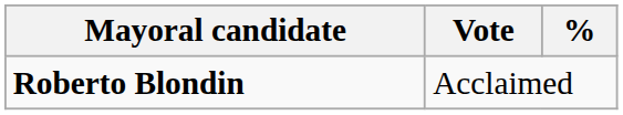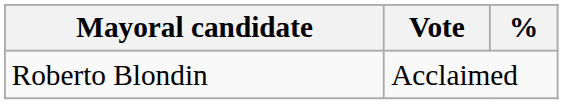 <table class="wikitable">
 <tr>
 <th bgcolor="#DDDDFF" width="200px">Mayoral candidate</th>
 <th bgcolor="#DDDDFF" width="50px">Vote</th>
 <th bgcolor="#DDDDFF"  width="30px">%</th>
 </tr>
 <tr>
-<td><strong>Roberto Blondin</strong></td>
+<td>Roberto Blondin</td>
 <td colspan="2">Acclaimed</td>
 </tr>
 </table>
